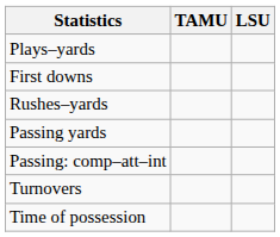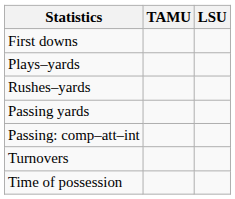 <table class="wikitable" style="float:left">
 <tr>
 <th>Statistics</th>
 <th>TAMU</th>
 <th>LSU</th>
 </tr>
 <tr>
-<td>Plays–yards</td>
+<td>First downs</td>
 <td></td>
 <td></td>
 </tr>
 <tr>
-<td>First downs</td>
+<td>Plays–yards</td>
 <td></td>
 <td></td>
 </tr>
 <tr>
 <td>Rushes–yards</td>
 <td></td>
 <td></td>
 </tr>
 <tr>
 <td>Passing yards</td>
 <td></td>
 <td></td>
 </tr>
 <tr>
 <td>Passing: comp–att–int</td>
 <td></td>
 <td></td>
 </tr>
 <tr>
 <td>Turnovers</td>
 <td></td>
 <td></td>
 </tr>
 <tr>
 <td>Time of possession</td>
 <td></td>
 <td></td>
 </tr>
 </table>
